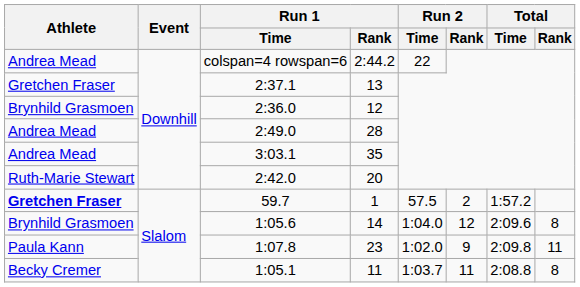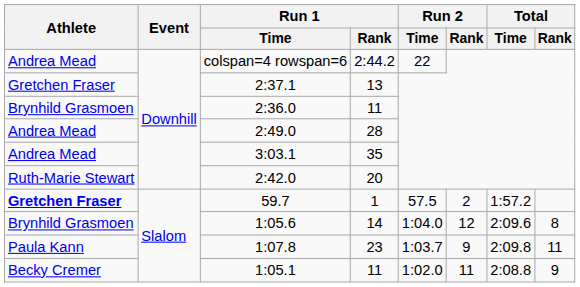 <table class=wikitable style=font-size:90%;text-align:center>
 <tr>
 <th rowspan=2>Athlete</th>
 <th rowspan=2>Event</th>
 <th colspan=2>Run 1</th>
 <th colspan=2>Run 2</th>
 <th colspan=2>Total</th>
 </tr>
 <tr style=font-size:95%>
 <th>Time</th>
 <th>Rank</th>
 <th>Time</th>
 <th>Rank</th>
 <th>Time</th>
 <th>Rank</th>
 </tr>
 <tr>
 <td align=left><a href='#'>Andrea Mead</a></td>
 <td align=left rowspan=6><a href='#'>Downhill</a></td>
 <td>colspan=4 rowspan=6 </td>
 <td>2:44.2</td>
 <td>22</td>
 </tr>
 <tr>
 <td align=left><a href='#'>Gretchen Fraser</a></td>
 <td>2:37.1</td>
 <td>13</td>
 </tr>
 <tr>
 <td align=left><a href='#'>Brynhild Grasmoen</a></td>
 <td>2:36.0</td>
-<td>12</td>
+<td>11</td>
 </tr>
 <tr>
 <td align=left><a href='#'>Andrea Mead</a></td>
 <td>2:49.0</td>
 <td>28</td>
 </tr>
 <tr>
 <td align=left><a href='#'>Andrea Mead</a></td>
 <td>3:03.1</td>
 <td>35</td>
 </tr>
 <tr>
 <td align=left><a href='#'>Ruth-Marie Stewart</a></td>
 <td>2:42.0</td>
 <td>20</td>
 </tr>
 <tr>
 <td align=left><strong><a href='#'>Gretchen Fraser</a></strong></td>
 <td align=left rowspan=4><a href='#'>Slalom</a></td>
 <td>59.7</td>
 <td>1</td>
 <td>57.5</td>
 <td>2</td>
 <td>1:57.2</td>
 <td></td>
 </tr>
 <tr>
 <td align=left><a href='#'>Brynhild Grasmoen</a></td>
 <td>1:05.6</td>
 <td>14</td>
 <td>1:04.0</td>
 <td>12</td>
 <td>2:09.6</td>
 <td>8</td>
 </tr>
 <tr>
 <td align=left><a href='#'>Paula Kann</a></td>
 <td>1:07.8</td>
 <td>23</td>
-<td>1:02.0</td>
+<td>1:03.7</td>
 <td>9</td>
 <td>2:09.8</td>
 <td>11</td>
 </tr>
 <tr>
 <td align=left><a href='#'>Becky Cremer</a></td>
 <td>1:05.1</td>
 <td>11</td>
-<td>1:03.7</td>
+<td>1:02.0</td>
 <td>11</td>
 <td>2:08.8</td>
-<td>8</td>
+<td>9</td>
 </tr>
 </table>
